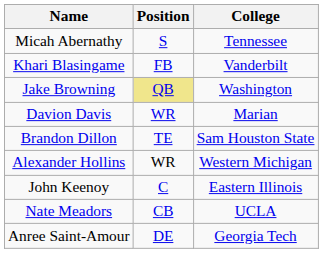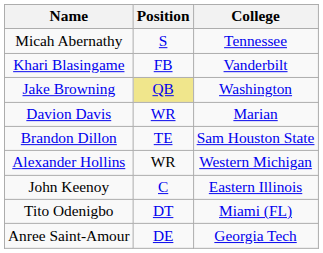 <table class="wikitable" style="text-align:center">
 <tr>
 <th>Name</th>
 <th>Position</th>
 <th>College</th>
 </tr>
 <tr>
 <td>Micah Abernathy</td>
 <td><a href='#'>S</a></td>
 <td><a href='#'>Tennessee</a></td>
 </tr>
 <tr>
 <td><a href='#'>Khari Blasingame</a></td>
 <td><a href='#'>FB</a></td>
 <td><a href='#'>Vanderbilt</a></td>
 </tr>
 <tr>
 <td><a href='#'>Jake Browning</a></td>
 <td style="background: khaki;"><a href='#'>QB</a></td>
 <td><a href='#'>Washington</a></td>
 </tr>
 <tr>
 <td><a href='#'>Davion Davis</a></td>
 <td><a href='#'>WR</a></td>
 <td><a href='#'>Marian</a></td>
 </tr>
 <tr>
 <td><a href='#'>Brandon Dillon</a></td>
 <td><a href='#'>TE</a></td>
 <td><a href='#'>Sam Houston State</a></td>
 </tr>
 <tr>
 <td><a href='#'>Alexander Hollins</a></td>
 <td>WR</td>
 <td><a href='#'>Western Michigan</a></td>
 </tr>
 <tr>
 <td>John Keenoy</td>
 <td><a href='#'>C</a></td>
 <td><a href='#'>Eastern Illinois</a></td>
 </tr>
 <tr>
-<td><a href='#'>Nate Meadors</a></td>
-<td><a href='#'>CB</a></td>
-<td><a href='#'>UCLA</a></td>
+<td>Tito Odenigbo</td>
+<td><a href='#'>DT</a></td>
+<td><a href='#'>Miami (FL)</a></td>
 </tr>
 <tr>
 <td>Anree Saint-Amour</td>
 <td><a href='#'>DE</a></td>
 <td><a href='#'>Georgia Tech</a></td>
 </tr>
 </table>
